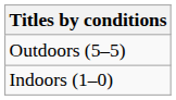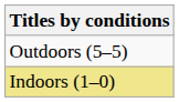 <table class=wikitable>
 <tr>
 <th>Titles by conditions</th>
 </tr>
 <tr>
 <td>Outdoors (5–5)</td>
 </tr>
 <tr>
-<td>Indoors (1–0)</td>
+<td style="background: khaki;">Indoors (1–0)</td>
 </tr>
 </table>
